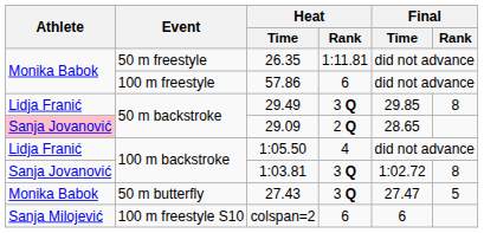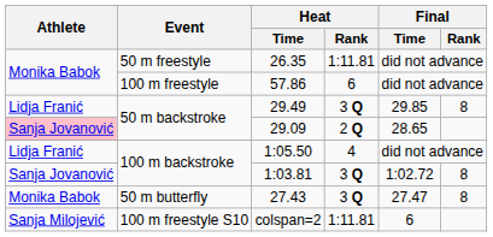 <table class=wikitable style="font-size:90%">
 <tr>
 <th rowspan=2>Athlete</th>
 <th rowspan=2>Event</th>
 <th colspan=2>Heat</th>
 <th colspan=2>Final</th>
 </tr>
 <tr style="font-size:95%">
 <th>Time</th>
 <th>Rank</th>
 <th>Time</th>
 <th>Rank</th>
 </tr>
 <tr align=center>
 <td align=left rowspan=2><a href='#'>Monika Babok</a></td>
 <td align=left>50 m freestyle</td>
 <td>26.35</td>
 <td>1:11.81</td>
 <td colspan=2>did not advance</td>
 </tr>
 <tr align=center>
 <td align=left>100 m freestyle</td>
 <td>57.86</td>
 <td>6</td>
 <td colspan=2>did not advance</td>
 </tr>
 <tr align=center>
 <td align=left><a href='#'>Lidja Franić</a></td>
 <td align=left rowspan=2>50 m backstroke</td>
 <td>29.49</td>
 <td>3 <strong>Q</strong></td>
 <td>29.85</td>
 <td>8</td>
 </tr>
 <tr align=center>
 <td align=left style="background: pink;"><a href='#'>Sanja Jovanović</a></td>
 <td>29.09</td>
 <td>2 <strong>Q</strong></td>
 <td>28.65</td>
 <td></td>
 </tr>
 <tr align=center>
 <td align=left><a href='#'>Lidja Franić</a></td>
 <td align=left rowspan=2>100 m backstroke</td>
 <td>1:05.50</td>
 <td>4</td>
 <td colspan=2>did not advance</td>
 </tr>
 <tr align=center>
 <td align=left><a href='#'>Sanja Jovanović</a></td>
 <td>1:03.81</td>
 <td>3 <strong>Q</strong></td>
 <td>1:02.72</td>
 <td>8</td>
 </tr>
 <tr align=center>
 <td align=left><a href='#'>Monika Babok</a></td>
 <td align=left>50 m butterfly</td>
 <td>27.43</td>
 <td>3 <strong>Q</strong></td>
 <td>27.47</td>
-<td>5</td>
+<td>8</td>
 </tr>
 <tr align=center>
 <td align=left><a href='#'>Sanja Milojević</a></td>
 <td align=left>100 m freestyle S10</td>
 <td>colspan=2 </td>
-<td>6</td>
+<td>1:11.81</td>
 <td>6</td>
 </tr>
 </table>
